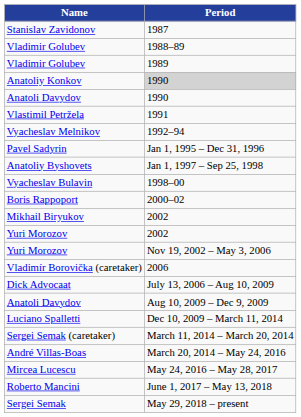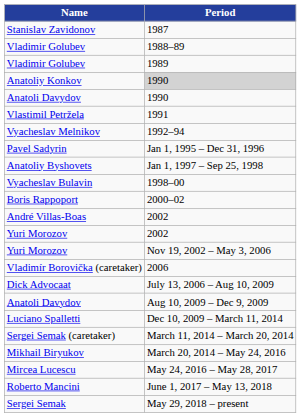 <table class="wikitable">
 <tr>
 <th style="color:#FFFFFF; background:#243e9c;">Name</th>
 <th style="color:#FFFFFF; background:#243e9c;">Period</th>
 </tr>
 <tr>
 <td> <a href='#'>Stanislav Zavidonov</a></td>
 <td>1987</td>
 </tr>
 <tr>
 <td> <a href='#'>Vladimir Golubev</a></td>
 <td>1988–89</td>
 </tr>
 <tr>
 <td> <a href='#'>Vladimir Golubev</a></td>
 <td>1989</td>
 </tr>
 <tr>
 <td> <a href='#'>Anatoliy Konkov</a></td>
 <td style="background: lightgrey;">1990</td>
 </tr>
 <tr>
 <td> <a href='#'>Anatoli Davydov</a></td>
 <td>1990</td>
 </tr>
 <tr>
 <td> <a href='#'>Vlastimil Petržela</a></td>
 <td>1991</td>
 </tr>
 <tr>
 <td> <a href='#'>Vyacheslav Melnikov</a></td>
 <td>1992–94</td>
 </tr>
 <tr>
 <td> <a href='#'>Pavel Sadyrin</a></td>
 <td>Jan 1, 1995 – Dec 31, 1996</td>
 </tr>
 <tr>
 <td> <a href='#'>Anatoliy Byshovets</a></td>
 <td>Jan 1, 1997 – Sep 25, 1998</td>
 </tr>
 <tr>
 <td> <a href='#'>Vyacheslav Bulavin</a></td>
 <td>1998–00</td>
 </tr>
 <tr>
 <td> <a href='#'>Boris Rappoport</a></td>
 <td>2000–02</td>
 </tr>
 <tr>
-<td> <a href='#'>Mikhail Biryukov</a></td>
+<td> <a href='#'>André Villas-Boas</a></td>
 <td>2002</td>
 </tr>
 <tr>
 <td> <a href='#'>Yuri Morozov</a></td>
 <td>2002</td>
 </tr>
 <tr>
 <td> <a href='#'>Yuri Morozov</a></td>
 <td>Nov 19, 2002 – May 3, 2006</td>
 </tr>
 <tr>
 <td> <a href='#'>Vladimír Borovička</a> (caretaker)</td>
 <td>2006</td>
 </tr>
 <tr>
 <td> <a href='#'>Dick Advocaat</a></td>
 <td>July 13, 2006 – Aug 10, 2009</td>
 </tr>
 <tr>
 <td> <a href='#'>Anatoli Davydov</a></td>
 <td>Aug 10, 2009 – Dec 9, 2009</td>
 </tr>
 <tr>
 <td> <a href='#'>Luciano Spalletti</a></td>
 <td>Dec 10, 2009 – March 11, 2014</td>
 </tr>
 <tr>
 <td> <a href='#'>Sergei Semak</a> (caretaker)</td>
 <td>March 11, 2014 – March 20, 2014</td>
 </tr>
 <tr>
-<td> <a href='#'>André Villas-Boas</a></td>
+<td> <a href='#'>Mikhail Biryukov</a></td>
 <td>March 20, 2014 – May 24, 2016</td>
 </tr>
 <tr>
 <td> <a href='#'>Mircea Lucescu</a></td>
 <td>May 24, 2016 – May 28, 2017</td>
 </tr>
 <tr>
 <td> <a href='#'>Roberto Mancini</a></td>
 <td>June 1, 2017 – May 13, 2018</td>
 </tr>
 <tr>
 <td> <a href='#'>Sergei Semak</a></td>
 <td>May 29, 2018 – present</td>
 </tr>
 </table>
